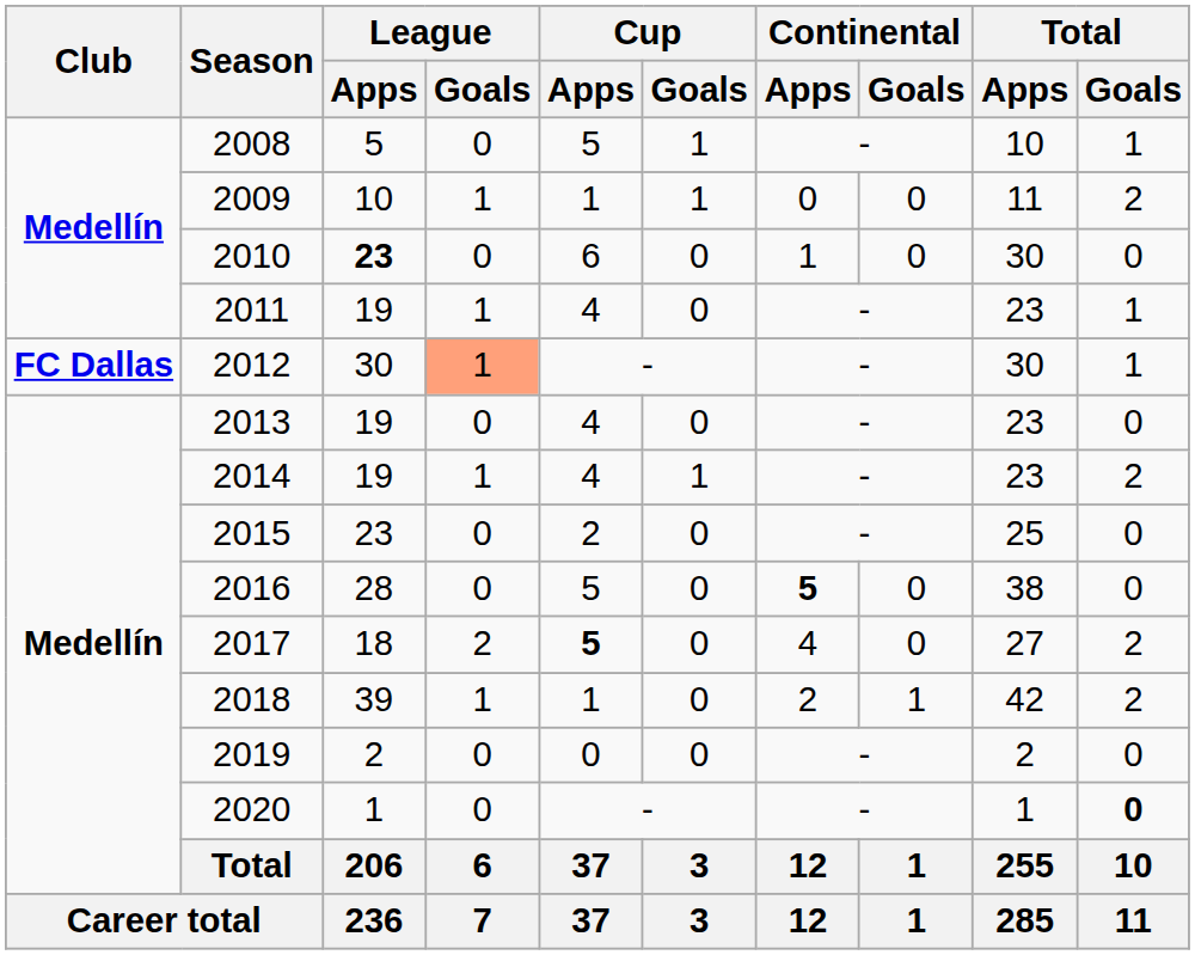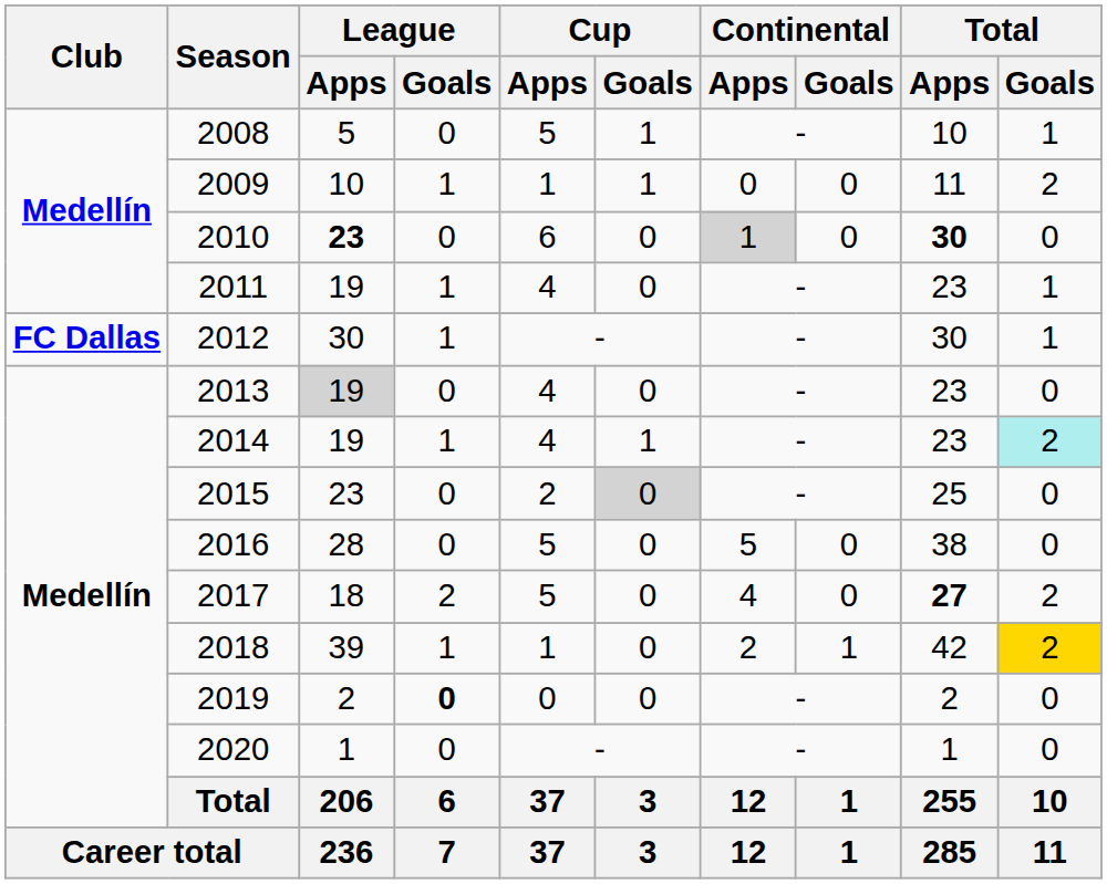 <table class="wikitable" style="text-align:center">
 <tr>
 <th rowspan="2">Club</th>
 <th rowspan="2">Season</th>
 <th colspan="2">League</th>
 <th colspan="2">Cup</th>
 <th colspan="2">Continental</th>
 <th colspan="2">Total</th>
 </tr>
 <tr>
 <th>Apps</th>
 <th>Goals</th>
 <th>Apps</th>
 <th>Goals</th>
 <th>Apps</th>
 <th>Goals</th>
 <th>Apps</th>
 <th>Goals</th>
 </tr>
 <tr>
 <td rowspan="4"><strong><a href='#'>Medellín</a></strong></td>
 <td>2008</td>
 <td>5</td>
 <td>0</td>
 <td>5</td>
 <td>1</td>
 <td colspan="2">-</td>
 <td>10</td>
 <td>1</td>
 </tr>
 <tr>
 <td>2009</td>
 <td>10</td>
 <td>1</td>
 <td>1</td>
 <td>1</td>
 <td>0</td>
 <td>0</td>
 <td>11</td>
 <td>2</td>
 </tr>
 <tr>
 <td>2010</td>
 <td><strong>23</strong></td>
 <td>0</td>
 <td>6</td>
 <td>0</td>
-<td>1</td>
+<td style="background: lightgrey;">1</td>
 <td>0</td>
-<td>30</td>
+<td><strong>30</strong></td>
 <td>0</td>
 </tr>
 <tr>
 <td>2011</td>
 <td>19</td>
 <td>1</td>
 <td>4</td>
 <td>0</td>
 <td colspan="2">-</td>
 <td>23</td>
 <td>1</td>
 </tr>
 <tr>
 <td><strong><a href='#'>FC Dallas</a></strong></td>
 <td>2012</td>
 <td>30</td>
-<td style="background: lightsalmon;">1</td>
+<td>1</td>
 <td colspan="2">-</td>
 <td colspan="2">-</td>
 <td>30</td>
 <td>1</td>
 </tr>
 <tr>
 <td rowspan="9"><strong>Medellín</strong></td>
 <td>2013</td>
-<td>19</td>
+<td style="background: lightgrey;">19</td>
 <td>0</td>
 <td>4</td>
 <td>0</td>
 <td colspan="2">-</td>
 <td>23</td>
 <td>0</td>
 </tr>
 <tr>
 <td>2014</td>
 <td>19</td>
 <td>1</td>
 <td>4</td>
 <td>1</td>
 <td colspan="2">-</td>
 <td>23</td>
-<td>2</td>
+<td style="background: paleturquoise;">2</td>
 </tr>
 <tr>
 <td>2015</td>
 <td>23</td>
 <td>0</td>
 <td>2</td>
-<td>0</td>
+<td style="background: lightgrey;">0</td>
 <td colspan="2">-</td>
 <td>25</td>
 <td>0</td>
 </tr>
 <tr>
 <td>2016</td>
 <td>28</td>
 <td>0</td>
 <td>5</td>
 <td>0</td>
-<td><strong>5</strong></td>
+<td>5</td>
 <td>0</td>
 <td>38</td>
 <td>0</td>
 </tr>
 <tr>
 <td>2017</td>
 <td>18</td>
 <td>2</td>
-<td><strong>5</strong></td>
+<td>5</td>
 <td>0</td>
 <td>4</td>
 <td>0</td>
-<td>27</td>
+<td><strong>27</strong></td>
 <td>2</td>
 </tr>
 <tr>
 <td>2018</td>
 <td>39</td>
 <td>1</td>
 <td>1</td>
 <td>0</td>
 <td>2</td>
 <td>1</td>
 <td>42</td>
-<td>2</td>
+<td style="background: gold;">2</td>
 </tr>
 <tr>
 <td>2019</td>
 <td>2</td>
-<td>0</td>
+<td><strong>0</strong></td>
 <td>0</td>
 <td>0</td>
 <td colspan="2">-</td>
 <td>2</td>
 <td>0</td>
 </tr>
 <tr>
 <td>2020</td>
 <td>1</td>
 <td>0</td>
 <td colspan="2">-</td>
 <td colspan="2">-</td>
 <td>1</td>
-<td><strong>0</strong></td>
+<td>0</td>
 </tr>
 <tr>
 <th>Total</th>
 <th>206</th>
 <th>6</th>
 <th>37</th>
 <th>3</th>
 <th>12</th>
 <th>1</th>
 <th>255</th>
 <th>10</th>
 </tr>
 <tr>
 <th colspan="2">Career total</th>
 <th>236</th>
 <th>7</th>
 <th>37</th>
 <th>3</th>
 <th>12</th>
 <th>1</th>
 <th>285</th>
 <th>11</th>
 </tr>
 </table>
